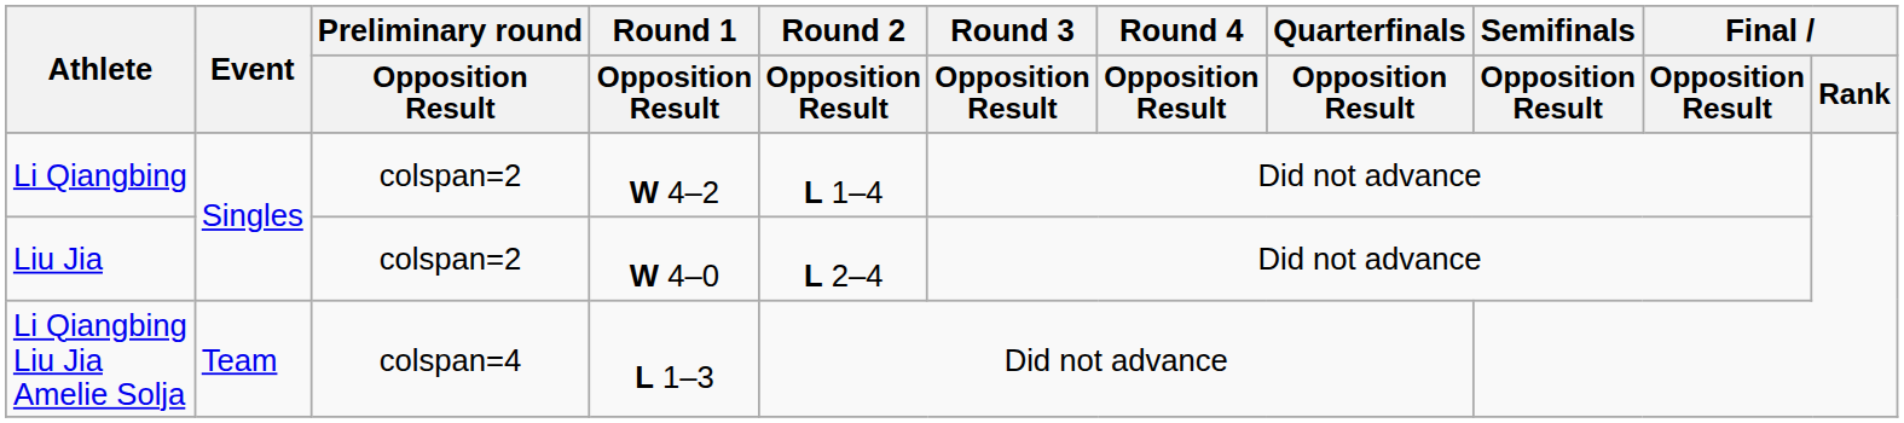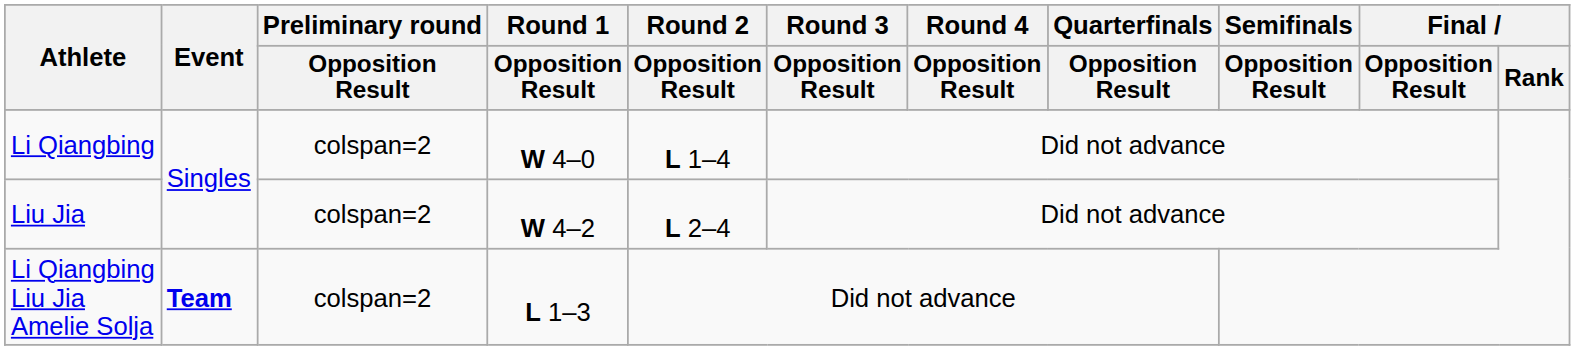 <table class="wikitable" style="font-size:90%">
 <tr>
 <th rowspan="2">Athlete</th>
 <th rowspan="2">Event</th>
 <th>Preliminary round</th>
 <th>Round 1</th>
 <th>Round 2</th>
 <th>Round 3</th>
 <th>Round 4</th>
 <th>Quarterfinals</th>
 <th>Semifinals</th>
 <th colspan=2>Final / </th>
 </tr>
 <tr style="font-size:95%">
 <th>Opposition<br>Result</th>
 <th>Opposition<br>Result</th>
 <th>Opposition<br>Result</th>
 <th>Opposition<br>Result</th>
 <th>Opposition<br>Result</th>
 <th>Opposition<br>Result</th>
 <th>Opposition<br>Result</th>
 <th>Opposition<br>Result</th>
 <th>Rank</th>
 </tr>
 <tr align=center>
 <td align=left><a href='#'>Li Qiangbing</a></td>
 <td align=left rowspan=2><a href='#'>Singles</a></td>
 <td>colspan=2 </td>
-<td><br><strong>W</strong> 4–2</td>
+<td><br><strong>W</strong> 4–0</td>
 <td><br><strong>L</strong> 1–4</td>
 <td colspan=5>Did not advance</td>
 </tr>
 <tr align=center>
 <td align=left><a href='#'>Liu Jia</a></td>
 <td>colspan=2 </td>
-<td><br><strong>W</strong> 4–0</td>
+<td><br><strong>W</strong> 4–2</td>
 <td><br><strong>L</strong> 2–4</td>
 <td colspan=5>Did not advance</td>
 </tr>
 <tr align=center>
 <td align=left><a href='#'>Li Qiangbing</a><br><a href='#'>Liu Jia</a><br><a href='#'>Amelie Solja</a></td>
-<td align=left><a href='#'>Team</a></td>
-<td>colspan=4 </td>
+<td align=left><strong><a href='#'>Team</a></strong></td>
+<td>colspan=2 </td>
 <td><br><strong>L</strong> 1–3</td>
 <td colspan=4>Did not advance</td>
 </tr>
 </table>
